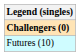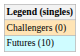 <table class=wikitable style=font-size:97%>
 <tr>
 <th>Legend (singles)</th>
 </tr>
 <tr bgcolor=moccasin>
-<td><strong>Challengers (0)</strong></td>
+<td>Challengers (0)</td>
 </tr>
 <tr bgcolor=CFFCFF>
 <td>Futures (10)</td>
 </tr>
 </table>
